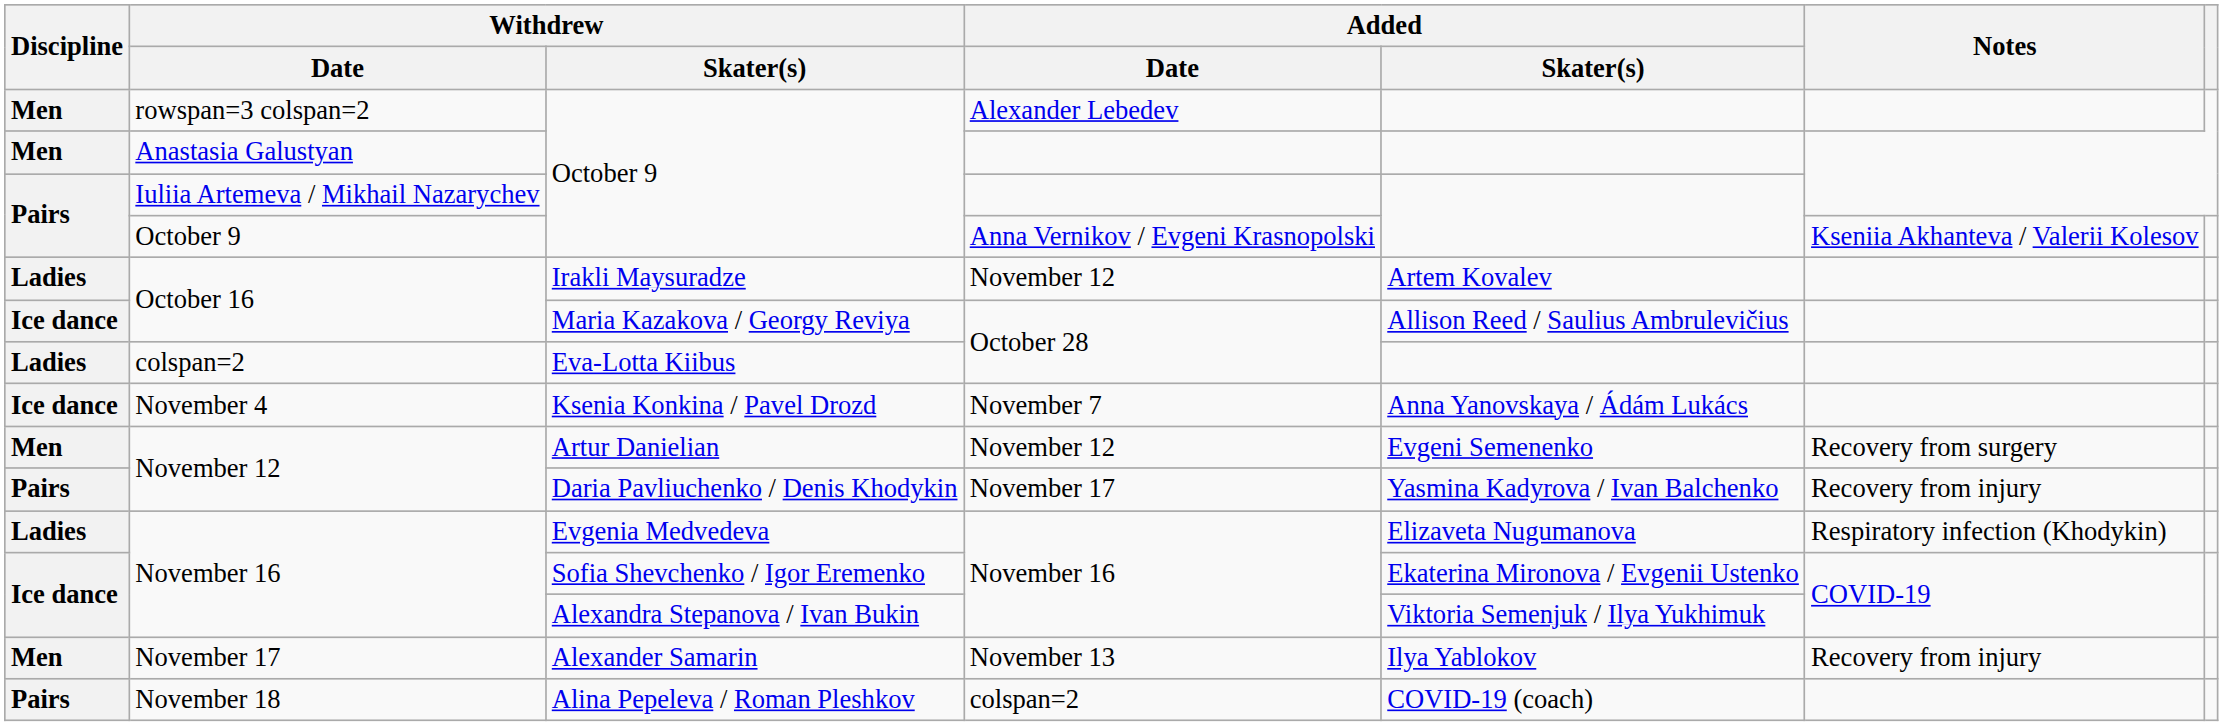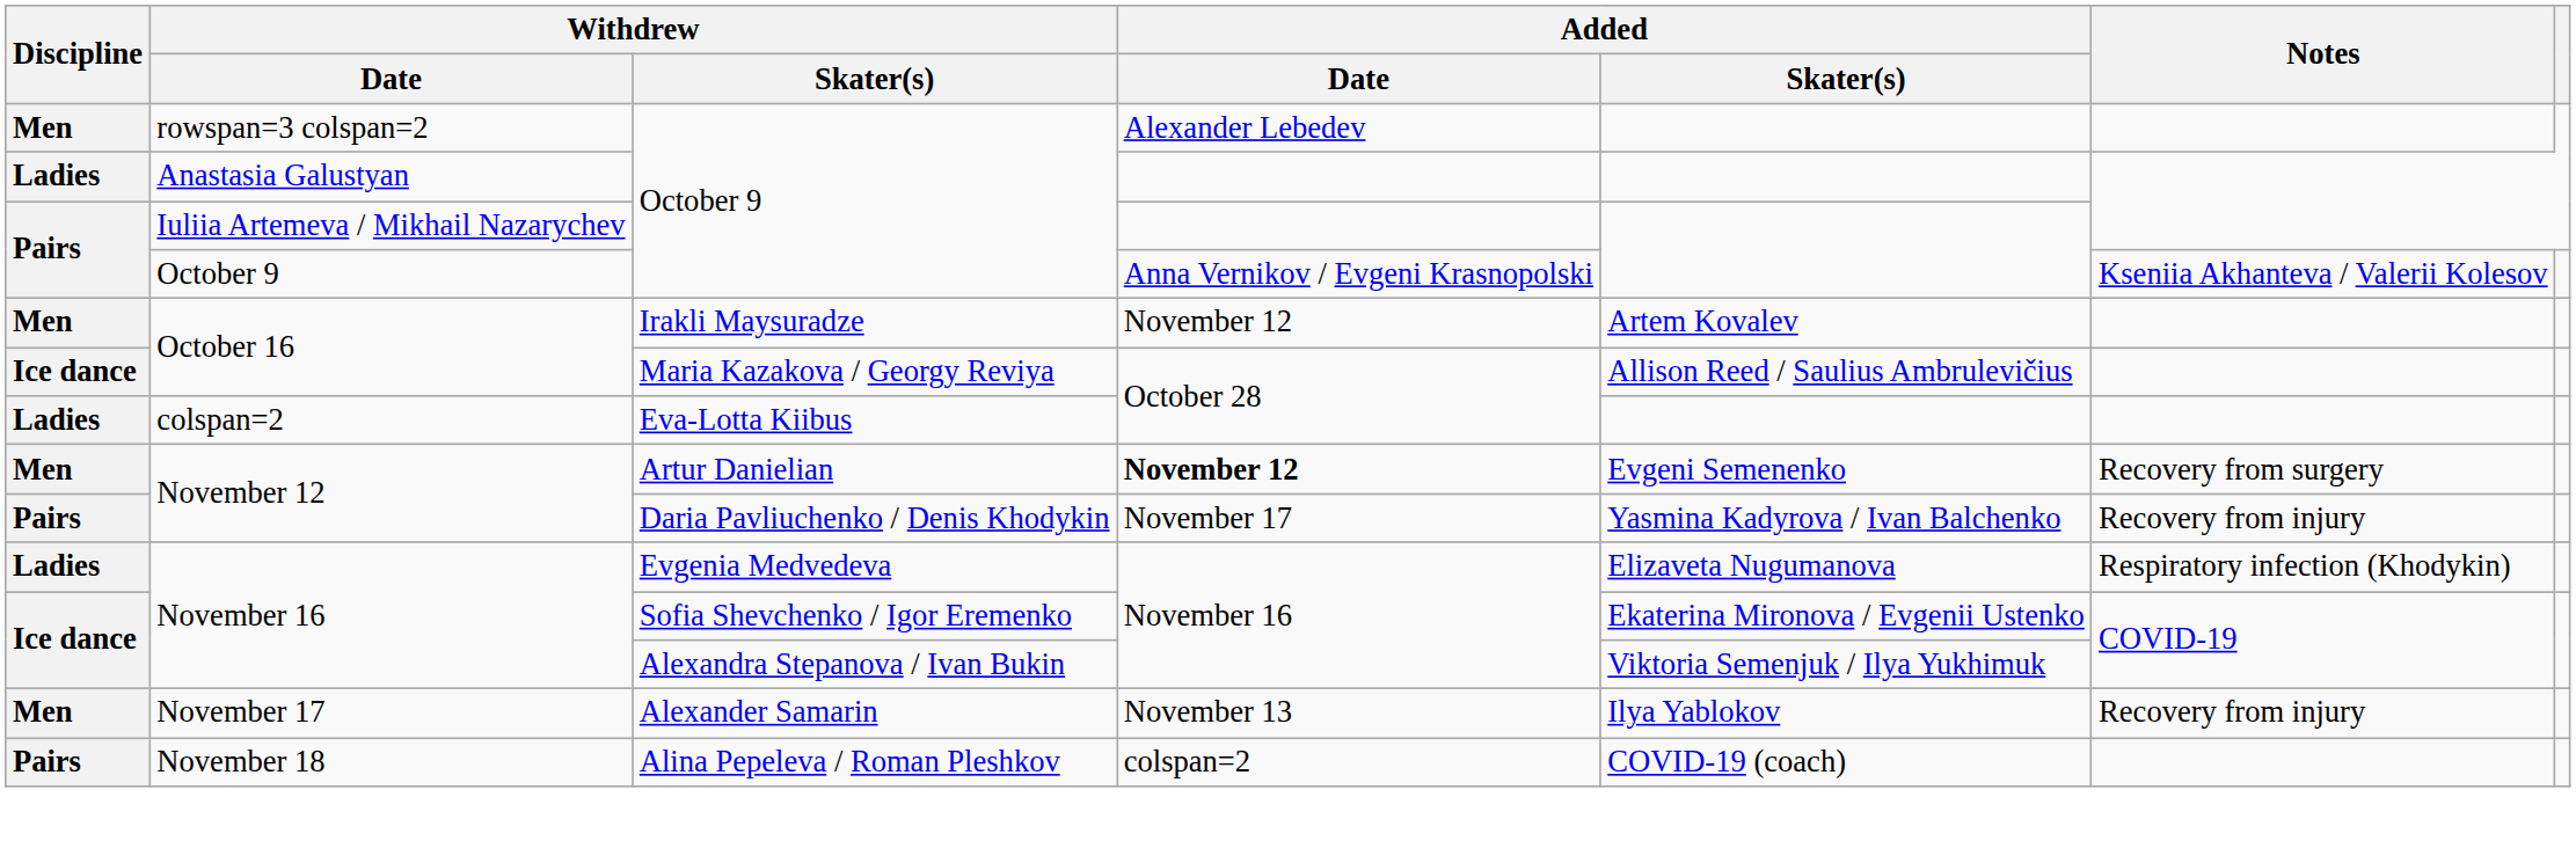 <table class="wikitable unsortable">
 <tr>
 <th scope="col" rowspan=2>Discipline</th>
 <th scope="col" colspan=2>Withdrew</th>
 <th scope="col" colspan=2>Added</th>
 <th scope="col" rowspan=2>Notes</th>
 <th scope="col" rowspan=2></th>
 </tr>
 <tr>
 <th>Date</th>
 <th>Skater(s)</th>
 <th>Date</th>
 <th>Skater(s)</th>
 </tr>
 <tr>
 <th scope="row" style="text-align:left">Men</th>
 <td>rowspan=3 colspan=2 </td>
 <td rowspan=4>October 9</td>
 <td> <a href='#'>Alexander Lebedev</a></td>
 <td></td>
 <td></td>
 </tr>
 <tr>
-<th scope="row" style="text-align:left">Men</th>
+<th scope="row" style="text-align:left">Ladies</th>
 <td> <a href='#'>Anastasia Galustyan</a></td>
 <td></td>
 <td></td>
 </tr>
 <tr>
 <th scope="row" style="text-align:left" rowspan=2>Pairs</th>
 <td> <a href='#'>Iuliia Artemeva</a> / <a href='#'>Mikhail Nazarychev</a></td>
 <td></td>
 <td rowspan=2></td>
 </tr>
 <tr>
 <td>October 9</td>
 <td> <a href='#'>Anna Vernikov</a> / <a href='#'>Evgeni Krasnopolski</a></td>
 <td> <a href='#'>Kseniia Akhanteva</a> / <a href='#'>Valerii Kolesov</a></td>
 <td></td>
 </tr>
 <tr>
-<th scope="row" style="text-align:left">Ladies</th>
+<th scope="row" style="text-align:left">Men</th>
 <td rowspan=2>October 16</td>
 <td> <a href='#'>Irakli Maysuradze</a></td>
 <td>November 12</td>
 <td> <a href='#'>Artem Kovalev</a></td>
 <td></td>
 <td></td>
 </tr>
 <tr>
 <th scope="row" style="text-align:left">Ice dance</th>
 <td> <a href='#'>Maria Kazakova</a> / <a href='#'>Georgy Reviya</a></td>
 <td rowspan=2>October 28</td>
 <td> <a href='#'>Allison Reed</a> / <a href='#'>Saulius Ambrulevičius</a></td>
 <td></td>
 <td></td>
 </tr>
 <tr>
 <th scope="row" style="text-align:left">Ladies</th>
 <td>colspan=2 </td>
 <td> <a href='#'>Eva-Lotta Kiibus</a></td>
 <td></td>
 <td></td>
 </tr>
 <tr>
-<th scope="row" style="text-align:left">Ice dance</th>
-<td>November 4</td>
-<td> <a href='#'>Ksenia Konkina</a> / <a href='#'>Pavel Drozd</a></td>
-<td>November 7</td>
-<td> <a href='#'>Anna Yanovskaya</a> / <a href='#'>Ádám Lukács</a></td>
-<td></td>
-<td></td>
-</tr>
-<tr>
 <th scope="row" style="text-align:left">Men</th>
 <td rowspan=2>November 12</td>
 <td> <a href='#'>Artur Danielian</a></td>
-<td>November 12</td>
+<td><strong>November 12</strong></td>
 <td> <a href='#'>Evgeni Semenenko</a></td>
 <td>Recovery from surgery</td>
 <td></td>
 </tr>
 <tr>
 <th scope="row" style="text-align:left">Pairs</th>
 <td> <a href='#'>Daria Pavliuchenko</a> / <a href='#'>Denis Khodykin</a></td>
 <td>November 17</td>
 <td> <a href='#'>Yasmina Kadyrova</a> / <a href='#'>Ivan Balchenko</a></td>
 <td>Recovery from injury</td>
 <td></td>
 </tr>
 <tr>
 <th scope="row" style="text-align:left">Ladies</th>
 <td rowspan=3>November 16</td>
 <td> <a href='#'>Evgenia Medvedeva</a></td>
 <td rowspan=3>November 16</td>
 <td> <a href='#'>Elizaveta Nugumanova</a></td>
 <td>Respiratory infection (Khodykin)</td>
 <td></td>
 </tr>
 <tr>
 <th scope="row" style="text-align:left" rowspan=2>Ice dance</th>
 <td> <a href='#'>Sofia Shevchenko</a> / <a href='#'>Igor Eremenko</a></td>
 <td> <a href='#'>Ekaterina Mironova</a> / <a href='#'>Evgenii Ustenko</a></td>
 <td rowspan=2><a href='#'>COVID-19</a></td>
 <td rowspan=2></td>
 </tr>
 <tr>
 <td> <a href='#'>Alexandra Stepanova</a> / <a href='#'>Ivan Bukin</a></td>
 <td> <a href='#'>Viktoria Semenjuk</a> / <a href='#'>Ilya Yukhimuk</a></td>
 </tr>
 <tr>
 <th scope="row" style="text-align:left">Men</th>
 <td>November 17</td>
 <td> <a href='#'>Alexander Samarin</a></td>
 <td>November 13</td>
 <td> <a href='#'>Ilya Yablokov</a></td>
 <td>Recovery from injury</td>
 <td></td>
 </tr>
 <tr>
 <th scope="row" style="text-align:left">Pairs</th>
 <td>November 18</td>
 <td> <a href='#'>Alina Pepeleva</a> / <a href='#'>Roman Pleshkov</a></td>
 <td>colspan=2 </td>
 <td><a href='#'>COVID-19</a> (coach)</td>
 <td></td>
 </tr>
 </table>
